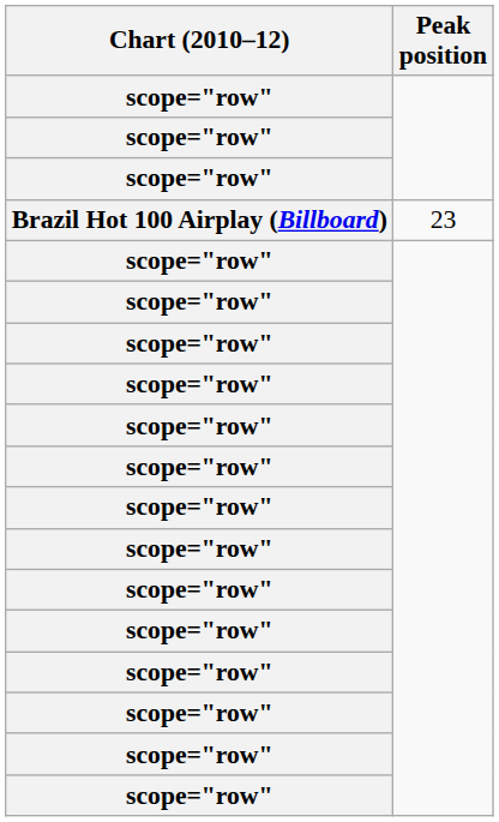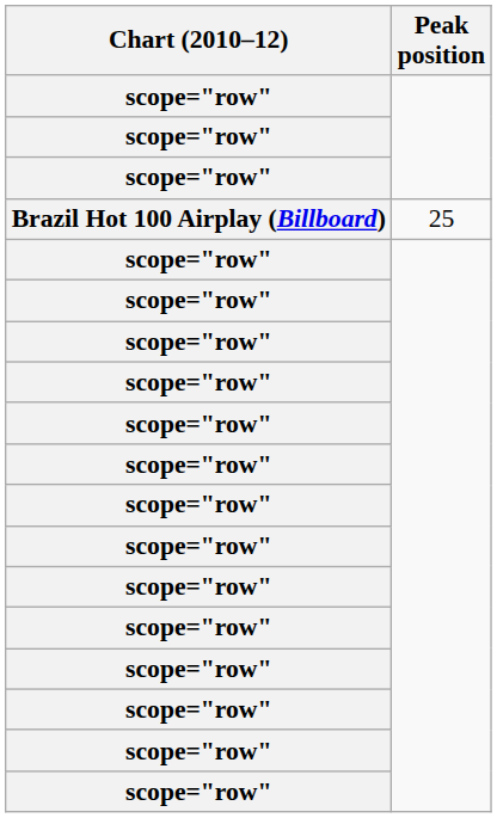 <table class="wikitable plainrowheaders sortable" style="text-align:center">
 <tr>
 <th scope="col">Chart (2010–12)</th>
 <th scope="col">Peak<br>position</th>
 </tr>
 <tr>
 <th>scope="row" </th>
 </tr>
 <tr>
 <th>scope="row" </th>
 </tr>
 <tr>
 <th>scope="row" </th>
 </tr>
 <tr>
 <th scope="row">Brazil Hot 100 Airplay (<em><a href='#'>Billboard</a></em>)</th>
-<td style="text-align:center;">23</td>
+<td style="text-align:center;">25</td>
 </tr>
 <tr>
 <th>scope="row" </th>
 </tr>
 <tr>
 <th>scope="row" </th>
 </tr>
 <tr>
 <th>scope="row" </th>
 </tr>
 <tr>
 <th>scope="row" </th>
 </tr>
 <tr>
 <th>scope="row" </th>
 </tr>
 <tr>
 <th>scope="row" </th>
 </tr>
 <tr>
 <th>scope="row" </th>
 </tr>
 <tr>
 <th>scope="row" </th>
 </tr>
 <tr>
 <th>scope="row" </th>
 </tr>
 <tr>
 <th>scope="row" </th>
 </tr>
 <tr>
 <th>scope="row" </th>
 </tr>
 <tr>
 <th>scope="row" </th>
 </tr>
 <tr>
 <th>scope="row" </th>
 </tr>
 <tr>
 <th>scope="row" </th>
 </tr>
 </table>
